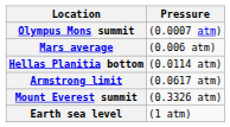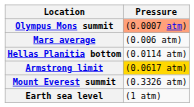 <table class="wikitable plainrowheaders" style="float:right; margin-right:20px">
 <tr>
 <th scope="col">Location</th>
 <th scope="col">Pressure</th>
 </tr>
 <tr>
 <th scope="row"><a href='#'>Olympus Mons</a> summit</th>
-<td> (0.0007 <a href='#'>atm</a>)</td>
+<td style="background: lightsalmon;"> (0.0007 <a href='#'>atm</a>)</td>
 </tr>
 <tr>
 <th scope="row"><a href='#'>Mars average</a></th>
 <td> (0.006 atm)</td>
 </tr>
 <tr>
 <th scope="row"><a href='#'>Hellas Planitia</a> bottom</th>
 <td> (0.0114 atm)</td>
 </tr>
 <tr>
 <th scope="row"><a href='#'>Armstrong limit</a></th>
-<td> (0.0617 atm)</td>
+<td style="background: gold;"> (0.0617 atm)</td>
 </tr>
 <tr>
 <th scope="row"><a href='#'>Mount Everest</a> summit</th>
 <td> (0.3326 atm)</td>
 </tr>
 <tr>
 <th scope="row">Earth sea level</th>
 <td> (1 atm)</td>
 </tr>
 </table>
